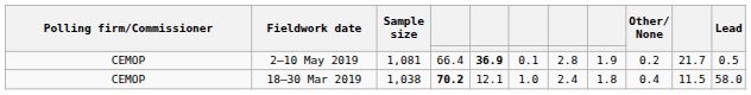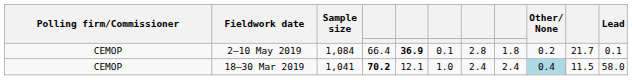 <table class="wikitable collapsible collapsed" style="text-align:center; font-size:90%; line-height:14px;">
 <tr style="height:42px;">
 <th style="width:250px;" rowspan="2">Polling firm/Commissioner</th>
 <th style="width:125px;" rowspan="2">Fieldwork date</th>
 <th style="width:50px;" rowspan="2">Sample size</th>
 <th style="width:35px;"></th>
 <th style="width:35px;"></th>
 <th style="width:35px;"></th>
 <th style="width:35px;"></th>
 <th style="width:35px;"></th>
 <th style="width:35px;" rowspan="2">Other/<br>None</th>
 <th style="width:35px;" rowspan="2"></th>
 <th style="width:30px;" rowspan="2">Lead</th>
 </tr>
 <tr>
 <th style="color:inherit;background:"></th>
 <th style="color:inherit;background:"></th>
 <th style="color:inherit;background:"></th>
 <th style="color:inherit;background:"></th>
 <th style="color:inherit;background:"></th>
 </tr>
 <tr>
 <td>CEMOP</td>
 <td>2–10 May 2019</td>
-<td>1,081</td>
+<td>1,084</td>
 <td>66.4</td>
 <td><strong>36.9</strong></td>
 <td>0.1</td>
 <td>2.8</td>
-<td>1.9</td>
+<td>1.8</td>
 <td>0.2</td>
 <td>21.7</td>
-<td style="background:">0.5</td>
+<td style="background:">0.1</td>
 </tr>
 <tr>
 <td>CEMOP</td>
 <td>18–30 Mar 2019</td>
-<td>1,038</td>
+<td>1,041</td>
 <td><strong>70.2</strong></td>
 <td>12.1</td>
 <td>1.0</td>
 <td>2.4</td>
-<td>1.8</td>
-<td>0.4</td>
+<td>2.4</td>
+<td style="background: lightblue;">0.4</td>
 <td>11.5</td>
 <td style="background:">58.0</td>
 </tr>
 </table>
